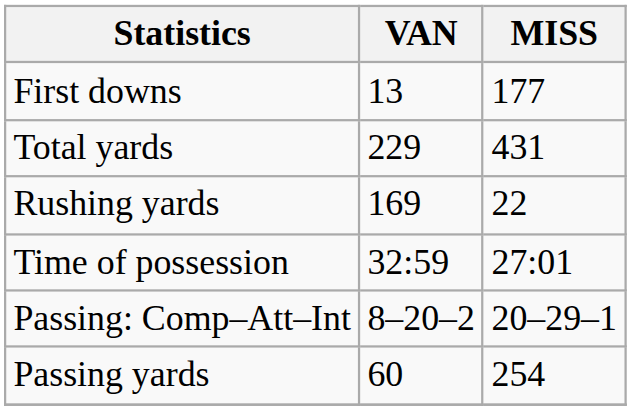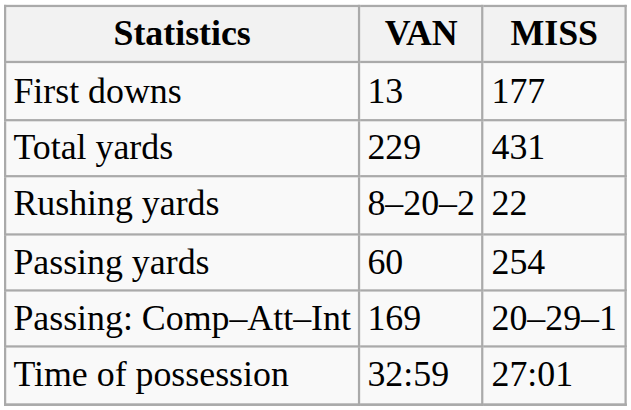 <table class="wikitable" style="float: left;">
 <tr>
 <th>Statistics</th>
 <th>VAN</th>
 <th>MISS</th>
 </tr>
 <tr>
 <td>First downs</td>
 <td>13</td>
 <td>177</td>
 </tr>
 <tr>
 <td>Total yards</td>
 <td>229</td>
 <td>431</td>
 </tr>
 <tr>
 <td>Rushing yards</td>
+<td>8–20–2</td>
+<td>22</td>
+</tr>
+<tr>
+<td>Passing yards</td>
+<td>60</td>
+<td>254</td>
+</tr>
+<tr>
+<td>Passing: Comp–Att–Int</td>
 <td>169</td>
-<td>22</td>
+<td>20–29–1</td>
 </tr>
 <tr>
 <td>Time of possession</td>
 <td>32:59</td>
 <td>27:01</td>
 </tr>
 <tr>
-<td>Passing: Comp–Att–Int</td>
-<td>8–20–2</td>
-<td>20–29–1</td>
-</tr>
-<tr>
-<td>Passing yards</td>
-<td>60</td>
-<td>254</td>
-</tr>
-<tr>
 </tr>
 </table>
